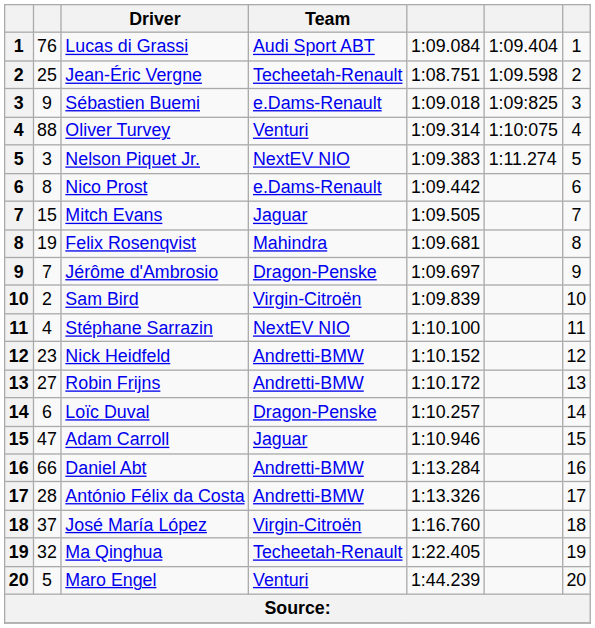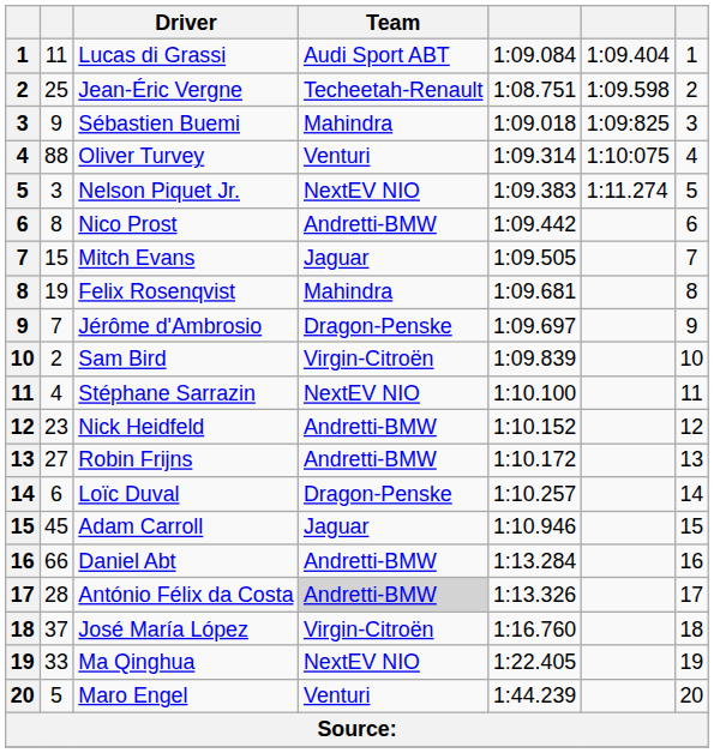 <table class="wikitable sortable" style="font-size: 85%">
 <tr>
 <th scope="col"></th>
 <th scope="col"></th>
 <th scope="col">Driver</th>
 <th scope="col">Team</th>
 <th scope="col"></th>
 <th scope="col"></th>
 <th scope="col"></th>
 </tr>
 <tr>
 <th scope="row">1</th>
-<td align="center">76</td>
+<td align="center">11</td>
 <td data-sort-value="DIG"> <a href='#'>Lucas di Grassi</a></td>
 <td><a href='#'>Audi Sport ABT</a></td>
 <td>1:09.084</td>
 <td>1:09.404</td>
 <td align="center">1</td>
 </tr>
 <tr>
 <th scope="row">2</th>
 <td align="center">25</td>
 <td data-sort-value="VER"> <a href='#'>Jean-Éric Vergne</a></td>
 <td><a href='#'>Techeetah-Renault</a></td>
 <td>1:08.751</td>
 <td>1:09.598</td>
 <td align="center">2</td>
 </tr>
 <tr>
 <th scope="row">3</th>
 <td align="center">9</td>
 <td data-sort-value="BUE"> <a href='#'>Sébastien Buemi</a></td>
-<td><a href='#'>e.Dams-Renault</a></td>
+<td><a href='#'>Mahindra</a></td>
 <td>1:09.018</td>
 <td>1:09:825</td>
 <td align="center">3</td>
 </tr>
 <tr>
 <th scope="row">4</th>
 <td align="center">88</td>
 <td data-sort-value="TUR"> <a href='#'>Oliver Turvey</a></td>
 <td><a href='#'>Venturi</a></td>
 <td>1:09.314</td>
 <td>1:10:075</td>
 <td align="center">4</td>
 </tr>
 <tr>
 <th scope="row">5</th>
 <td align="center">3</td>
 <td data-sort-value="PIQ"> <a href='#'>Nelson Piquet Jr.</a></td>
 <td><a href='#'>NextEV NIO</a></td>
 <td>1:09.383</td>
 <td>1:11.274</td>
 <td align="center">5</td>
 </tr>
 <tr>
 <th scope="row">6</th>
 <td align="center">8</td>
 <td data-sort-value="PRO"> <a href='#'>Nico Prost</a></td>
-<td><a href='#'>e.Dams-Renault</a></td>
+<td><a href='#'>Andretti-BMW</a></td>
 <td>1:09.442</td>
 <td></td>
 <td align="center">6</td>
 </tr>
 <tr>
 <th scope="row">7</th>
 <td align="center">15</td>
 <td data-sort-value="EVA"> <a href='#'>Mitch Evans</a></td>
 <td><a href='#'>Jaguar</a></td>
 <td>1:09.505</td>
 <td></td>
 <td align="center">7</td>
 </tr>
 <tr>
 <th scope="row">8</th>
 <td align="center">19</td>
 <td data-sort-value="ROS"> <a href='#'>Felix Rosenqvist</a></td>
 <td><a href='#'>Mahindra</a></td>
 <td>1:09.681</td>
 <td></td>
 <td align="center">8</td>
 </tr>
 <tr>
 <th scope="row">9</th>
 <td align="center">7</td>
 <td data-sort-value="DAM"> <a href='#'>Jérôme d'Ambrosio</a></td>
 <td><a href='#'>Dragon-Penske</a></td>
 <td>1:09.697</td>
 <td></td>
 <td align="center">9</td>
 </tr>
 <tr>
 <th scope="row">10</th>
 <td align="center">2</td>
 <td data-sort-value="BIR"> <a href='#'>Sam Bird</a></td>
 <td><a href='#'>Virgin-Citroën</a></td>
 <td>1:09.839</td>
 <td></td>
 <td align="center">10</td>
 </tr>
 <tr>
 <th scope="row">11</th>
 <td align="center">4</td>
 <td data-sort-value="SAR"> <a href='#'>Stéphane Sarrazin</a></td>
 <td><a href='#'>NextEV NIO</a></td>
 <td>1:10.100</td>
 <td></td>
 <td align="center">11</td>
 </tr>
 <tr>
 <th scope="row">12</th>
 <td align="center">23</td>
 <td data-sort-value="HEI"> <a href='#'>Nick Heidfeld</a></td>
 <td><a href='#'>Andretti-BMW</a></td>
 <td>1:10.152</td>
 <td></td>
 <td align="center">12</td>
 </tr>
 <tr>
 <th scope="row">13</th>
 <td align="center">27</td>
 <td data-sort-value="FRI"> <a href='#'>Robin Frijns</a></td>
 <td><a href='#'>Andretti-BMW</a></td>
 <td>1:10.172</td>
 <td></td>
 <td align="center">13</td>
 </tr>
 <tr>
 <th scope="row">14</th>
 <td align="center">6</td>
 <td data-sort-value="DUV"> <a href='#'>Loïc Duval</a></td>
 <td><a href='#'>Dragon-Penske</a></td>
 <td>1:10.257</td>
 <td></td>
 <td align="center">14</td>
 </tr>
 <tr>
 <th scope="row">15</th>
-<td align="center">47</td>
+<td align="center">45</td>
 <td data-sort-value="CAR"> <a href='#'>Adam Carroll</a></td>
 <td><a href='#'>Jaguar</a></td>
 <td>1:10.946</td>
 <td></td>
 <td align="center">15</td>
 </tr>
 <tr>
 <th scope="row">16</th>
 <td align="center">66</td>
 <td data-sort-value="ABT"> <a href='#'>Daniel Abt</a></td>
 <td><a href='#'>Andretti-BMW</a></td>
 <td>1:13.284</td>
 <td></td>
 <td align="center">16</td>
 </tr>
 <tr>
 <th scope="row">17</th>
 <td align="center">28</td>
 <td data-sort-value="FDC"> <a href='#'>António Félix da Costa</a></td>
-<td><a href='#'>Andretti-BMW</a></td>
+<td style="background: lightgrey;"><a href='#'>Andretti-BMW</a></td>
 <td>1:13.326</td>
 <td></td>
 <td align="center">17</td>
 </tr>
 <tr>
 <th scope="row">18</th>
 <td align="center">37</td>
 <td data-sort-value="LOP"> <a href='#'>José María López</a></td>
 <td><a href='#'>Virgin-Citroën</a></td>
 <td>1:16.760</td>
 <td></td>
 <td align="center">18</td>
 </tr>
 <tr>
 <th scope="row">19</th>
-<td align="center">32</td>
+<td align="center">33</td>
 <td data-sort-value="MA"> <a href='#'>Ma Qinghua</a></td>
-<td><a href='#'>Techeetah-Renault</a></td>
+<td><a href='#'>NextEV NIO</a></td>
 <td>1:22.405</td>
 <td></td>
 <td align="center">19</td>
 </tr>
 <tr>
 <th scope="row">20</th>
 <td align="center">5</td>
 <td data-sort-value="ENG"> <a href='#'>Maro Engel</a></td>
 <td><a href='#'>Venturi</a></td>
 <td>1:44.239</td>
 <td></td>
 <td align="center">20</td>
 </tr>
 <tr>
 <th colspan="7">Source:</th>
 </tr>
 <tr>
 </tr>
 </table>
